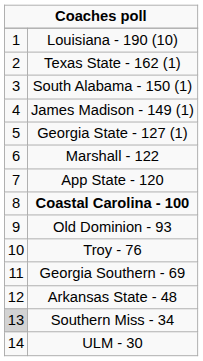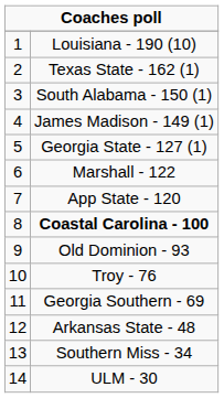 <table class="wikitable" style="display: inline-table;">
 <tr>
 <td align="center" Colspan="3"><strong>Coaches poll</strong></td>
 </tr>
 <tr align="center">
 </tr>
 <tr align="center">
 <td>1</td>
 <td>Louisiana - 190 (10)</td>
 </tr>
 <tr align="center">
 <td>2</td>
 <td>Texas State - 162 (1)</td>
 </tr>
 <tr align="center">
 <td>3</td>
 <td>South Alabama - 150 (1)</td>
 </tr>
 <tr align="center">
 <td>4</td>
 <td>James Madison - 149 (1)</td>
 </tr>
 <tr align="center">
 <td>5</td>
 <td>Georgia State - 127 (1)</td>
 </tr>
 <tr align="center">
 <td>6</td>
 <td>Marshall - 122</td>
 </tr>
 <tr align="center">
 <td>7</td>
 <td>App State - 120</td>
 </tr>
 <tr align="center">
 <td>8</td>
 <td><strong>Coastal Carolina - 100</strong></td>
 </tr>
 <tr align="center">
 <td>9</td>
 <td>Old Dominion - 93</td>
 </tr>
 <tr align="center">
 <td>10</td>
 <td>Troy - 76</td>
 </tr>
 <tr align="center">
 <td>11</td>
 <td>Georgia Southern - 69</td>
 </tr>
 <tr align="center">
 <td>12</td>
 <td>Arkansas State - 48</td>
 </tr>
 <tr align="center">
-<td style="background: lightgrey;">13</td>
+<td>13</td>
 <td>Southern Miss - 34</td>
 </tr>
 <tr align="center">
 <td>14</td>
 <td>ULM - 30</td>
 </tr>
 </table>
